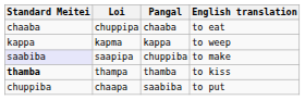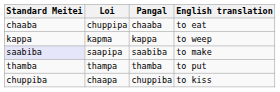 <table class="wikitable">
 <tr>
 <th>Standard Meitei</th>
 <th>Loi</th>
 <th>Pangal</th>
 <th>English translation</th>
 </tr>
 <tr>
 <td>chaaba</td>
 <td>chuppipa</td>
 <td>chaaba</td>
 <td>to eat</td>
 </tr>
 <tr>
 <td>kappa</td>
 <td>kapma</td>
 <td>kappa</td>
 <td>to weep</td>
 </tr>
 <tr>
 <td style="background: lavender;">saabiba</td>
 <td>saapipa</td>
-<td>chuppiba</td>
+<td>saabiba</td>
 <td>to make</td>
 </tr>
 <tr>
-<td><strong>thamba</strong></td>
+<td>thamba</td>
 <td>thampa</td>
 <td>thamba</td>
-<td>to kiss</td>
+<td>to put</td>
 </tr>
 <tr>
 <td>chuppiba</td>
 <td>chaapa</td>
-<td>saabiba</td>
-<td>to put</td>
+<td>chuppiba</td>
+<td>to kiss</td>
 </tr>
 </table>
